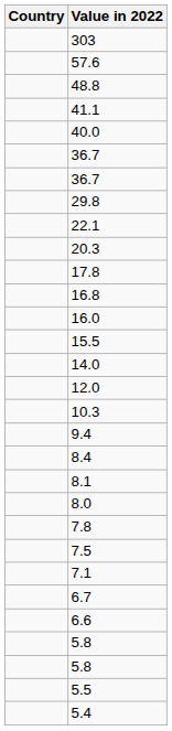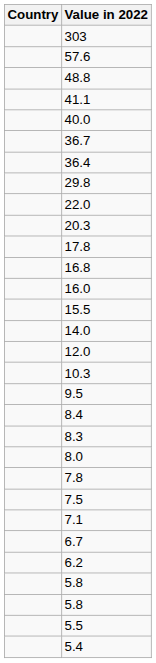 <table class="wikitable sortable nowrap mw-datatable static-row-numbers">
 <tr>
 <th scope="col">Country</th>
 <th>Value in 2022</th>
 </tr>
 <tr>
 <td></td>
 <td>303</td>
 </tr>
 <tr>
 <td></td>
 <td>57.6</td>
 </tr>
 <tr>
 <td></td>
 <td>48.8</td>
 </tr>
 <tr>
 <td></td>
 <td>41.1</td>
 </tr>
 <tr>
 <td></td>
 <td>40.0</td>
 </tr>
 <tr>
 <td></td>
 <td>36.7</td>
 </tr>
 <tr>
 <td></td>
-<td>36.7</td>
+<td>36.4</td>
 </tr>
 <tr>
 <td></td>
 <td>29.8</td>
 </tr>
 <tr>
 <td></td>
-<td>22.1</td>
+<td>22.0</td>
 </tr>
 <tr>
 <td></td>
 <td>20.3</td>
 </tr>
 <tr>
 <td></td>
 <td>17.8</td>
 </tr>
 <tr>
 <td></td>
 <td>16.8</td>
 </tr>
 <tr>
 <td></td>
 <td>16.0</td>
 </tr>
 <tr>
 <td></td>
 <td>15.5</td>
 </tr>
 <tr>
 <td></td>
 <td>14.0</td>
 </tr>
 <tr>
 <td></td>
 <td>12.0</td>
 </tr>
 <tr>
 <td></td>
 <td>10.3</td>
 </tr>
 <tr>
 <td></td>
-<td>9.4</td>
+<td>9.5</td>
 </tr>
 <tr>
 <td></td>
 <td>8.4</td>
 </tr>
 <tr>
 <td></td>
-<td>8.1</td>
+<td>8.3</td>
 </tr>
 <tr>
 <td></td>
 <td>8.0</td>
 </tr>
 <tr>
 <td></td>
 <td>7.8</td>
 </tr>
 <tr>
 <td></td>
 <td>7.5</td>
 </tr>
 <tr>
 <td></td>
 <td>7.1</td>
 </tr>
 <tr>
 <td></td>
 <td>6.7</td>
 </tr>
 <tr>
 <td></td>
-<td>6.6</td>
+<td>6.2</td>
 </tr>
 <tr>
 <td></td>
 <td>5.8</td>
 </tr>
 <tr>
 <td></td>
 <td>5.8</td>
 </tr>
 <tr>
 <td></td>
 <td>5.5</td>
 </tr>
 <tr>
 <td></td>
 <td>5.4</td>
 </tr>
 </table>
